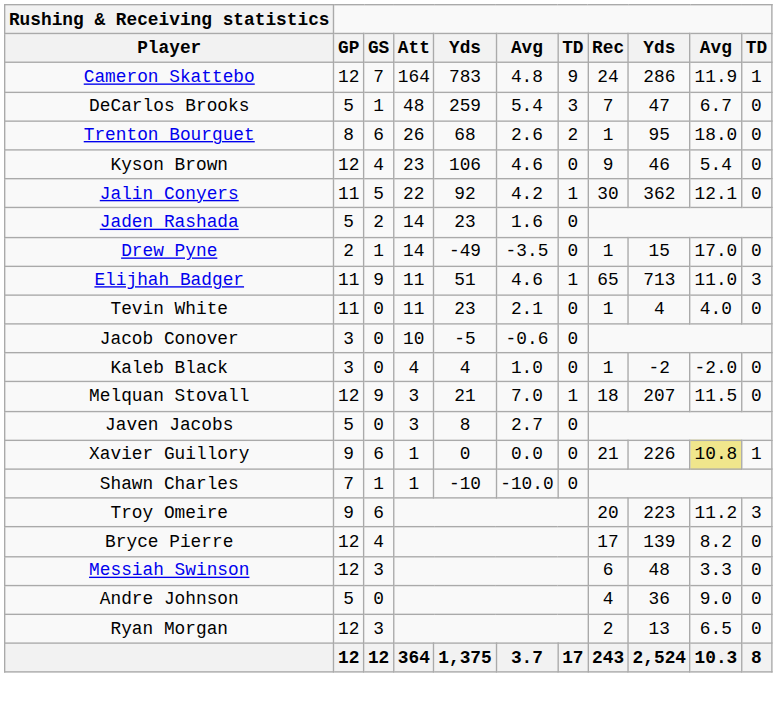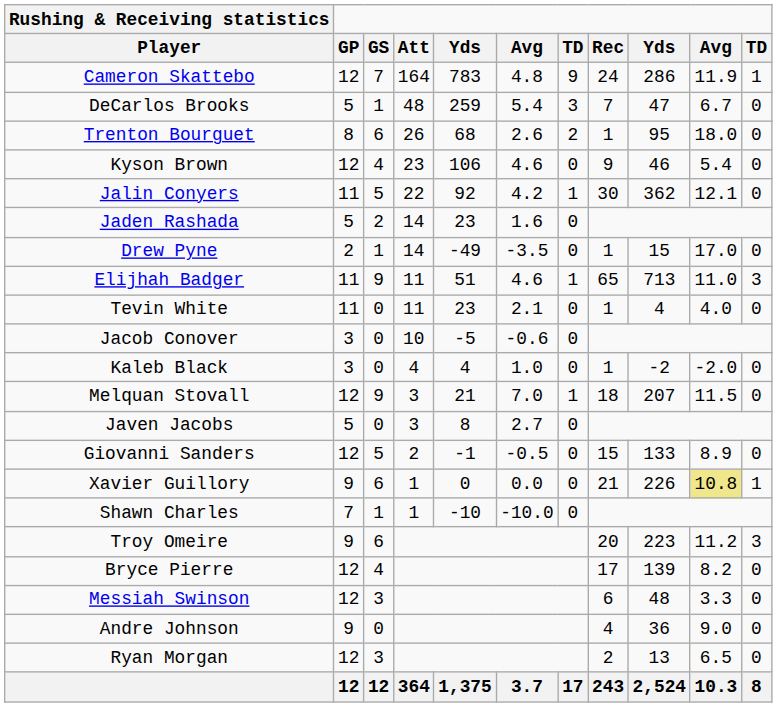 <table class="wikitable sortable" style="text-align:center;">
 <tr>
 <th style="text-align:center; ">Rushing & Receiving statistics</th>
 </tr>
 <tr>
 <th>Player</th>
 <th>GP</th>
 <th>GS</th>
 <th>Att</th>
 <th>Yds</th>
 <th>Avg</th>
 <th>TD</th>
 <th>Rec</th>
 <th>Yds</th>
 <th>Avg</th>
 <th>TD</th>
 </tr>
 <tr>
 <td><a href='#'>Cameron Skattebo</a></td>
 <td>12</td>
 <td>7</td>
 <td>164</td>
 <td>783</td>
 <td>4.8</td>
 <td>9</td>
 <td>24</td>
 <td>286</td>
 <td>11.9</td>
 <td>1</td>
 </tr>
 <tr>
 <td>DeCarlos Brooks</td>
 <td>5</td>
 <td>1</td>
 <td>48</td>
 <td>259</td>
 <td>5.4</td>
 <td>3</td>
 <td>7</td>
 <td>47</td>
 <td>6.7</td>
 <td>0</td>
 </tr>
 <tr>
 <td><a href='#'>Trenton Bourguet</a></td>
 <td>8</td>
 <td>6</td>
 <td>26</td>
 <td>68</td>
 <td>2.6</td>
 <td>2</td>
 <td>1</td>
 <td>95</td>
 <td>18.0</td>
 <td>0</td>
 </tr>
 <tr>
 <td>Kyson Brown</td>
 <td>12</td>
 <td>4</td>
 <td>23</td>
 <td>106</td>
 <td>4.6</td>
 <td>0</td>
 <td>9</td>
 <td>46</td>
 <td>5.4</td>
 <td>0</td>
 </tr>
 <tr>
 <td><a href='#'>Jalin Conyers</a></td>
 <td>11</td>
 <td>5</td>
 <td>22</td>
 <td>92</td>
 <td>4.2</td>
 <td>1</td>
 <td>30</td>
 <td>362</td>
 <td>12.1</td>
 <td>0</td>
 </tr>
 <tr>
 <td><a href='#'>Jaden Rashada</a></td>
 <td>5</td>
 <td>2</td>
 <td>14</td>
 <td>23</td>
 <td>1.6</td>
 <td>0</td>
 </tr>
 <tr>
 <td><a href='#'>Drew Pyne</a></td>
 <td>2</td>
 <td>1</td>
 <td>14</td>
 <td>-49</td>
 <td>-3.5</td>
 <td>0</td>
 <td>1</td>
 <td>15</td>
 <td>17.0</td>
 <td>0</td>
 </tr>
 <tr>
 <td><a href='#'>Elijhah Badger</a></td>
 <td>11</td>
 <td>9</td>
 <td>11</td>
 <td>51</td>
 <td>4.6</td>
 <td>1</td>
 <td>65</td>
 <td>713</td>
 <td>11.0</td>
 <td>3</td>
 </tr>
 <tr>
 <td>Tevin White</td>
 <td>11</td>
 <td>0</td>
 <td>11</td>
 <td>23</td>
 <td>2.1</td>
 <td>0</td>
 <td>1</td>
 <td>4</td>
 <td>4.0</td>
 <td>0</td>
 </tr>
 <tr>
 <td>Jacob Conover</td>
 <td>3</td>
 <td>0</td>
 <td>10</td>
 <td>-5</td>
 <td>-0.6</td>
 <td>0</td>
 </tr>
 <tr>
 <td>Kaleb Black</td>
 <td>3</td>
 <td>0</td>
 <td>4</td>
 <td>4</td>
 <td>1.0</td>
 <td>0</td>
 <td>1</td>
 <td>-2</td>
 <td>-2.0</td>
 <td>0</td>
 </tr>
 <tr>
 <td>Melquan Stovall</td>
 <td>12</td>
 <td>9</td>
 <td>3</td>
 <td>21</td>
 <td>7.0</td>
 <td>1</td>
 <td>18</td>
 <td>207</td>
 <td>11.5</td>
 <td>0</td>
 </tr>
 <tr>
 <td>Javen Jacobs</td>
 <td>5</td>
 <td>0</td>
 <td>3</td>
 <td>8</td>
 <td>2.7</td>
 <td>0</td>
 </tr>
 <tr>
+<td>Giovanni Sanders</td>
+<td>12</td>
+<td>5</td>
+<td>2</td>
+<td>-1</td>
+<td>-0.5</td>
+<td>0</td>
+<td>15</td>
+<td>133</td>
+<td>8.9</td>
+<td>0</td>
+</tr>
+<tr>
 <td>Xavier Guillory</td>
 <td>9</td>
 <td>6</td>
 <td>1</td>
 <td>0</td>
 <td>0.0</td>
 <td>0</td>
 <td>21</td>
 <td>226</td>
 <td style="background: khaki;">10.8</td>
 <td>1</td>
 </tr>
 <tr>
 <td>Shawn Charles</td>
 <td>7</td>
 <td>1</td>
 <td>1</td>
 <td>-10</td>
 <td>-10.0</td>
 <td>0</td>
 </tr>
 <tr>
 <td>Troy Omeire</td>
 <td>9</td>
 <td>6</td>
 <td colspan="4"></td>
 <td>20</td>
 <td>223</td>
 <td>11.2</td>
 <td>3</td>
 </tr>
 <tr>
 <td>Bryce Pierre</td>
 <td>12</td>
 <td>4</td>
 <td colspan="4"></td>
 <td>17</td>
 <td>139</td>
 <td>8.2</td>
 <td>0</td>
 </tr>
 <tr>
 <td><a href='#'>Messiah Swinson</a></td>
 <td>12</td>
 <td>3</td>
 <td colspan="4"></td>
 <td>6</td>
 <td>48</td>
 <td>3.3</td>
 <td>0</td>
 </tr>
 <tr>
 <td>Andre Johnson</td>
-<td>5</td>
+<td>9</td>
 <td>0</td>
 <td colspan="4"></td>
 <td>4</td>
 <td>36</td>
 <td>9.0</td>
 <td>0</td>
 </tr>
 <tr>
 <td>Ryan Morgan</td>
 <td>12</td>
 <td>3</td>
 <td colspan="4"></td>
 <td>2</td>
 <td>13</td>
 <td>6.5</td>
 <td>0</td>
 </tr>
 <tr>
 <th colspan="1"></th>
 <th>12</th>
 <th>12</th>
 <th>364</th>
 <th>1,375</th>
 <th>3.7</th>
 <th>17</th>
 <th>243</th>
 <th>2,524</th>
 <th>10.3</th>
 <th>8</th>
 </tr>
 </table>
